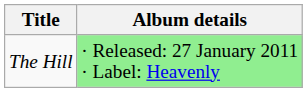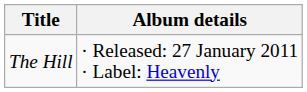 <table class="wikitable">
 <tr>
 <th>Title</th>
 <th>Album details</th>
 </tr>
 <tr>
 <td><em>The Hill</em></td>
-<td style="background: lightgreen;">·          Released: 27 January 2011<br>·          Label: <a href='#'>Heavenly</a></td>
+<td>·          Released: 27 January 2011<br>·          Label: <a href='#'>Heavenly</a></td>
 </tr>
 </table>
